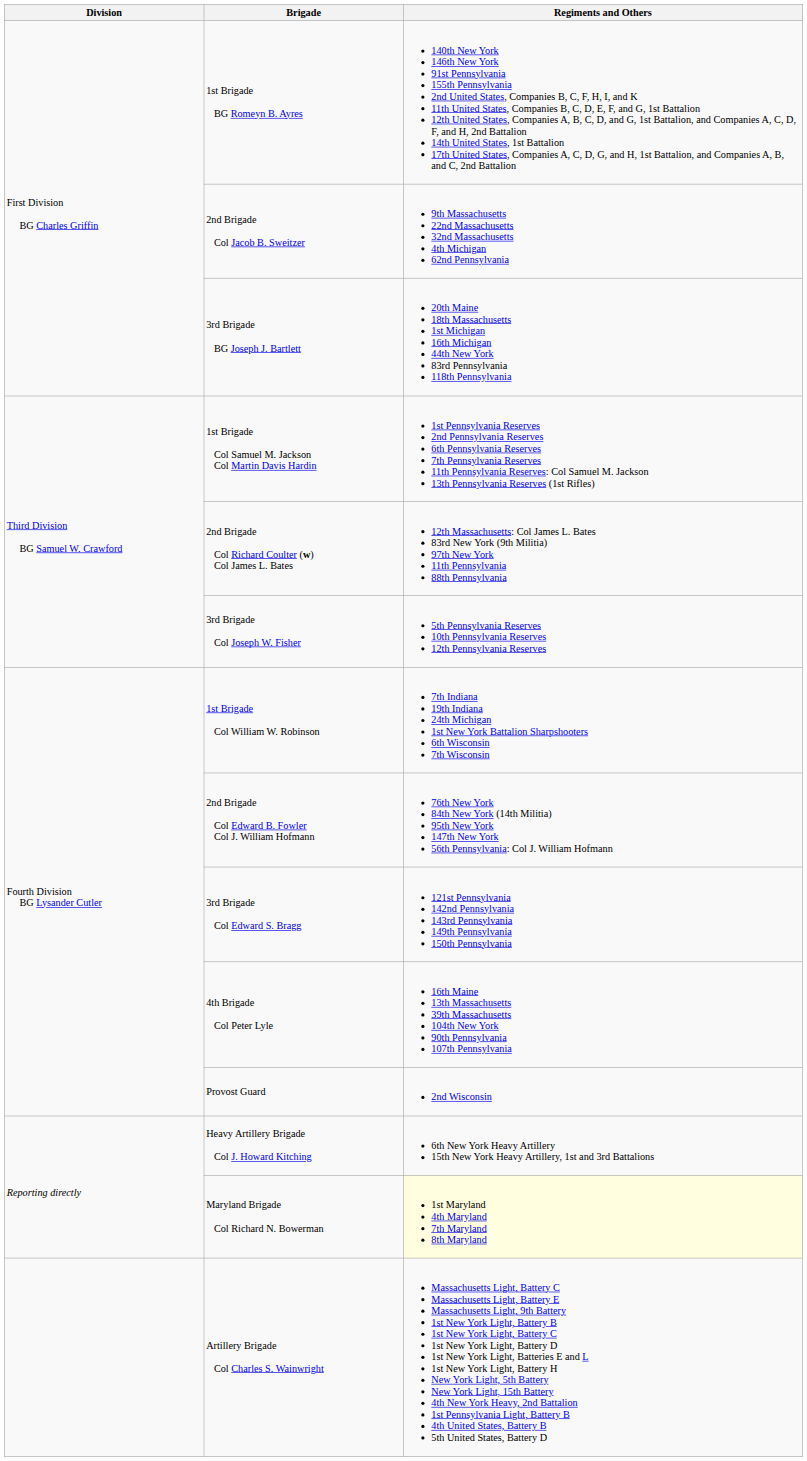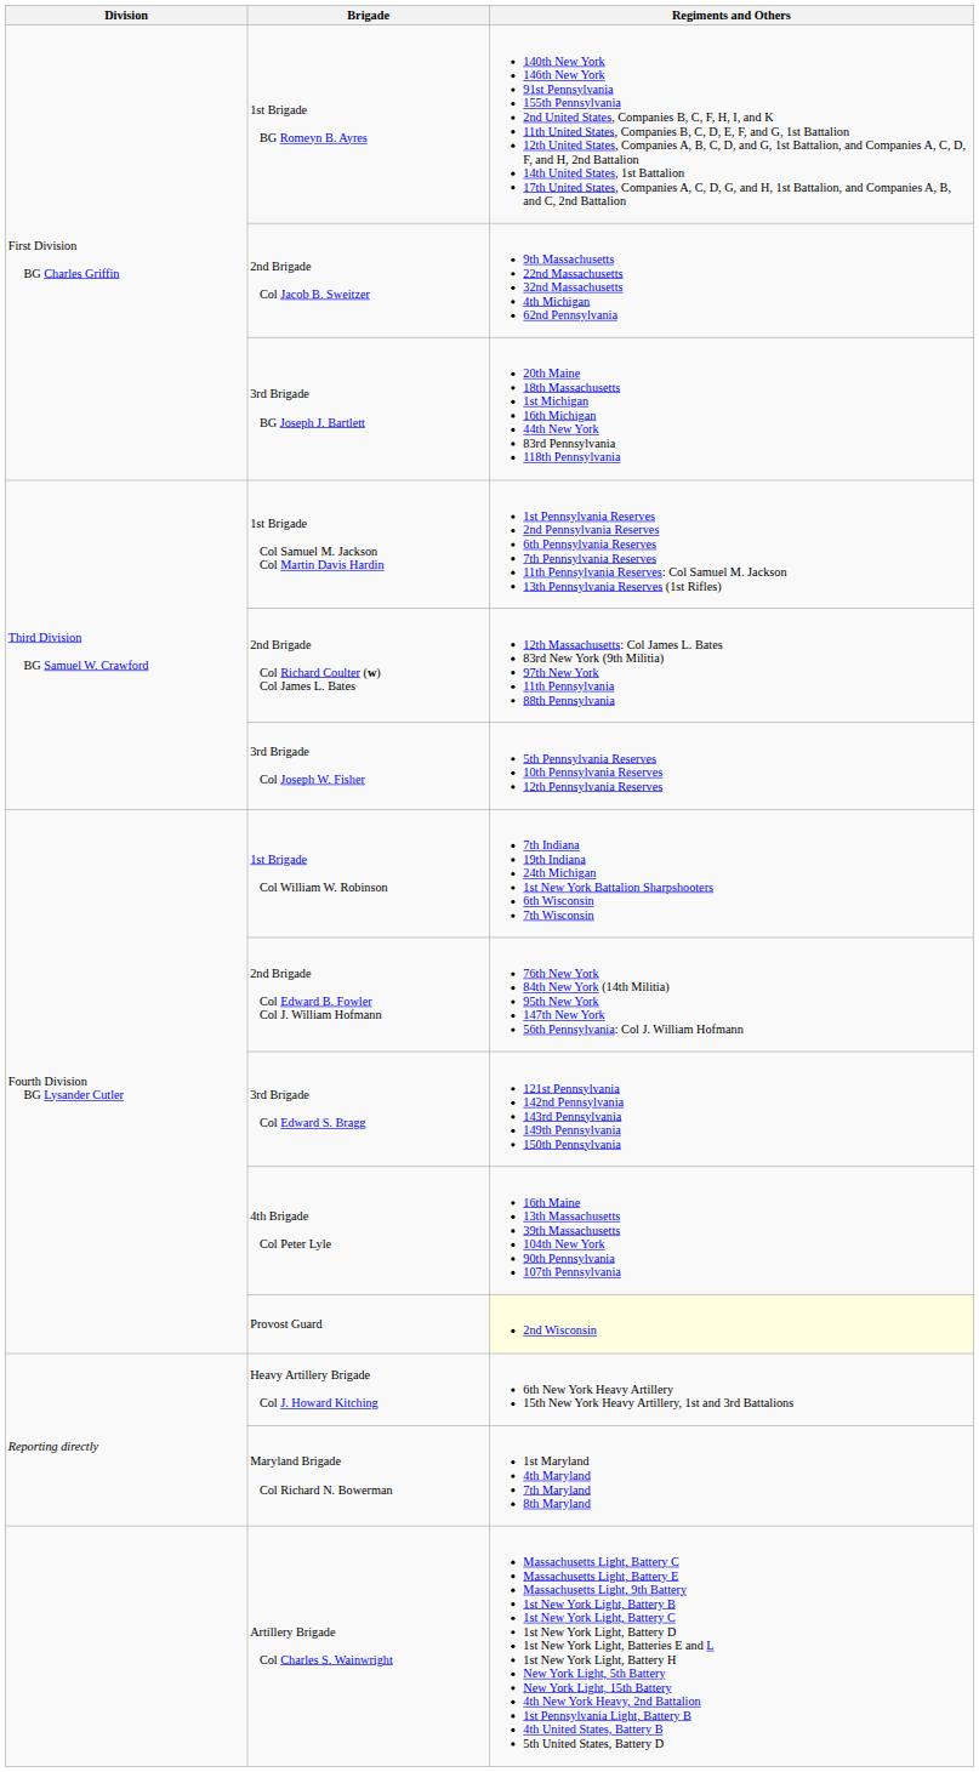 <table class="wikitable">
 <tr>
 <th width=25%>Division</th>
 <th width=25%>Brigade</th>
 <th>Regiments and Others</th>
 </tr>
 <tr>
 <td rowspan=3><br>First Division<br> <br>     BG <a href='#'>Charles Griffin</a></td>
 <td>1st Brigade<br><br>   BG <a href='#'>Romeyn B. Ayres</a></td>
 <td><br><ul><li><a href='#'>140th New York</a></li><li><a href='#'>146th New York</a></li><li><a href='#'>91st Pennsylvania</a></li><li><a href='#'>155th Pennsylvania</a></li><li><a href='#'>2nd United States</a>, Companies B, C, F, H, I, and K</li><li><a href='#'>11th United States</a>, Companies B, C, D, E, F, and G, 1st Battalion</li><li><a href='#'>12th United States</a>, Companies A, B, C, D, and G, 1st Battalion, and Companies A, C, D, F, and H, 2nd Battalion</li><li><a href='#'>14th United States</a>, 1st Battalion</li><li><a href='#'>17th United States</a>, Companies A, C, D, G, and H, 1st Battalion, and Companies A, B, and C, 2nd Battalion</li></ul></td>
 </tr>
 <tr>
 <td>2nd Brigade<br><br>   Col <a href='#'>Jacob B. Sweitzer</a></td>
 <td><br><ul><li><a href='#'>9th Massachusetts</a></li><li><a href='#'>22nd Massachusetts</a></li><li><a href='#'>32nd Massachusetts</a></li><li><a href='#'>4th Michigan</a></li><li><a href='#'>62nd Pennsylvania</a></li></ul></td>
 </tr>
 <tr>
 <td>3rd Brigade<br><br>   BG <a href='#'>Joseph J. Bartlett</a></td>
 <td><br><ul><li><a href='#'>20th Maine</a></li><li><a href='#'>18th Massachusetts</a></li><li><a href='#'>1st Michigan</a></li><li><a href='#'>16th Michigan</a></li><li><a href='#'>44th New York</a></li><li>83rd Pennsylvania</li><li><a href='#'>118th Pennsylvania</a></li></ul></td>
 </tr>
 <tr>
 <td rowspan=3><br><a href='#'>Third Division</a><br> <br>     BG <a href='#'>Samuel W. Crawford</a></td>
 <td>1st Brigade<br><br>   Col Samuel M. Jackson <br>   Col <a href='#'>Martin Davis Hardin</a></td>
 <td><br><ul><li><a href='#'>1st Pennsylvania Reserves</a></li><li><a href='#'>2nd Pennsylvania Reserves</a></li><li><a href='#'>6th Pennsylvania Reserves</a></li><li><a href='#'>7th Pennsylvania Reserves</a></li><li><a href='#'>11th Pennsylvania Reserves</a>: Col Samuel M. Jackson</li><li><a href='#'>13th Pennsylvania Reserves</a> (1st Rifles)</li></ul></td>
 </tr>
 <tr>
 <td>2nd Brigade<br><br>   Col <a href='#'>Richard Coulter</a> (<strong>w</strong>) <br>   Col James L. Bates</td>
 <td><br><ul><li><a href='#'>12th Massachusetts</a>: Col James L. Bates</li><li>83rd New York (9th Militia)</li><li><a href='#'>97th New York</a></li><li><a href='#'>11th Pennsylvania</a></li><li><a href='#'>88th Pennsylvania</a></li></ul></td>
 </tr>
 <tr>
 <td>3rd Brigade<br><br>   Col <a href='#'>Joseph W. Fisher</a></td>
 <td><br><ul><li><a href='#'>5th Pennsylvania Reserves</a></li><li><a href='#'>10th Pennsylvania Reserves</a></li><li><a href='#'>12th Pennsylvania Reserves</a></li></ul></td>
 </tr>
 <tr>
 <td rowspan=5><br>Fourth Division <br>     BG <a href='#'>Lysander Cutler</a></td>
 <td><a href='#'>1st Brigade</a><br><br>   Col William W. Robinson</td>
 <td><br><ul><li><a href='#'>7th Indiana</a></li><li><a href='#'>19th Indiana</a></li><li><a href='#'>24th Michigan</a></li><li><a href='#'>1st New York Battalion Sharpshooters</a></li><li><a href='#'>6th Wisconsin</a></li><li><a href='#'>7th Wisconsin</a></li></ul></td>
 </tr>
 <tr>
 <td>2nd Brigade<br><br>   Col <a href='#'>Edward B. Fowler</a> <br>   Col J. William Hofmann</td>
 <td><br><ul><li><a href='#'>76th New York</a></li><li><a href='#'>84th New York</a> (14th Militia)</li><li><a href='#'>95th New York</a></li><li><a href='#'>147th New York</a></li><li><a href='#'>56th Pennsylvania</a>: Col J. William Hofmann</li></ul></td>
 </tr>
 <tr>
 <td>3rd Brigade<br><br>   Col <a href='#'>Edward S. Bragg</a></td>
 <td><br><ul><li><a href='#'>121st Pennsylvania</a></li><li><a href='#'>142nd Pennsylvania</a></li><li><a href='#'>143rd Pennsylvania</a></li><li><a href='#'>149th Pennsylvania</a></li><li><a href='#'>150th Pennsylvania</a></li></ul></td>
 </tr>
 <tr>
 <td>4th Brigade<br><br>   Col Peter Lyle</td>
 <td><br><ul><li><a href='#'>16th Maine</a></li><li><a href='#'>13th Massachusetts</a></li><li><a href='#'>39th Massachusetts</a></li><li><a href='#'>104th New York</a></li><li><a href='#'>90th Pennsylvania</a></li><li><a href='#'>107th Pennsylvania</a></li></ul></td>
 </tr>
 <tr>
 <td>Provost Guard</td>
-<td><br><ul><li><a href='#'>2nd Wisconsin</a></li></ul></td>
+<td style="background: lightyellow;"><br><ul><li><a href='#'>2nd Wisconsin</a></li></ul></td>
 </tr>
 <tr>
 <td rowspan=2><br><em>Reporting directly</em></td>
 <td>Heavy Artillery Brigade<br><br>   Col <a href='#'>J. Howard Kitching</a></td>
 <td><br><ul><li>6th New York Heavy Artillery</li><li>15th New York Heavy Artillery, 1st and 3rd Battalions</li></ul></td>
 </tr>
 <tr>
 <td>Maryland Brigade<br><br>   Col Richard N. Bowerman</td>
-<td style="background: lightyellow;"><br><ul><li>1st Maryland</li><li><a href='#'>4th Maryland</a></li><li><a href='#'>7th Maryland</a></li><li><a href='#'>8th Maryland</a></li></ul></td>
+<td><br><ul><li>1st Maryland</li><li><a href='#'>4th Maryland</a></li><li><a href='#'>7th Maryland</a></li><li><a href='#'>8th Maryland</a></li></ul></td>
 </tr>
 <tr>
 <td></td>
 <td>Artillery Brigade<br><br>   Col <a href='#'>Charles S. Wainwright</a></td>
 <td><br><ul><li><a href='#'>Massachusetts Light, Battery C</a></li><li><a href='#'>Massachusetts Light, Battery E</a></li><li><a href='#'>Massachusetts Light, 9th Battery</a></li><li><a href='#'>1st New York Light, Battery B</a></li><li><a href='#'>1st New York Light, Battery C</a></li><li>1st New York Light, Battery D</li><li>1st New York Light, Batteries E and <a href='#'>L</a></li><li>1st New York Light, Battery H</li><li><a href='#'>New York Light, 5th Battery</a></li><li><a href='#'>New York Light, 15th Battery</a></li><li><a href='#'>4th New York Heavy, 2nd Battalion</a></li><li><a href='#'>1st Pennsylvania Light, Battery B</a></li><li><a href='#'>4th United States, Battery B</a></li><li>5th United States, Battery D</li></ul></td>
 </tr>
 </table>
